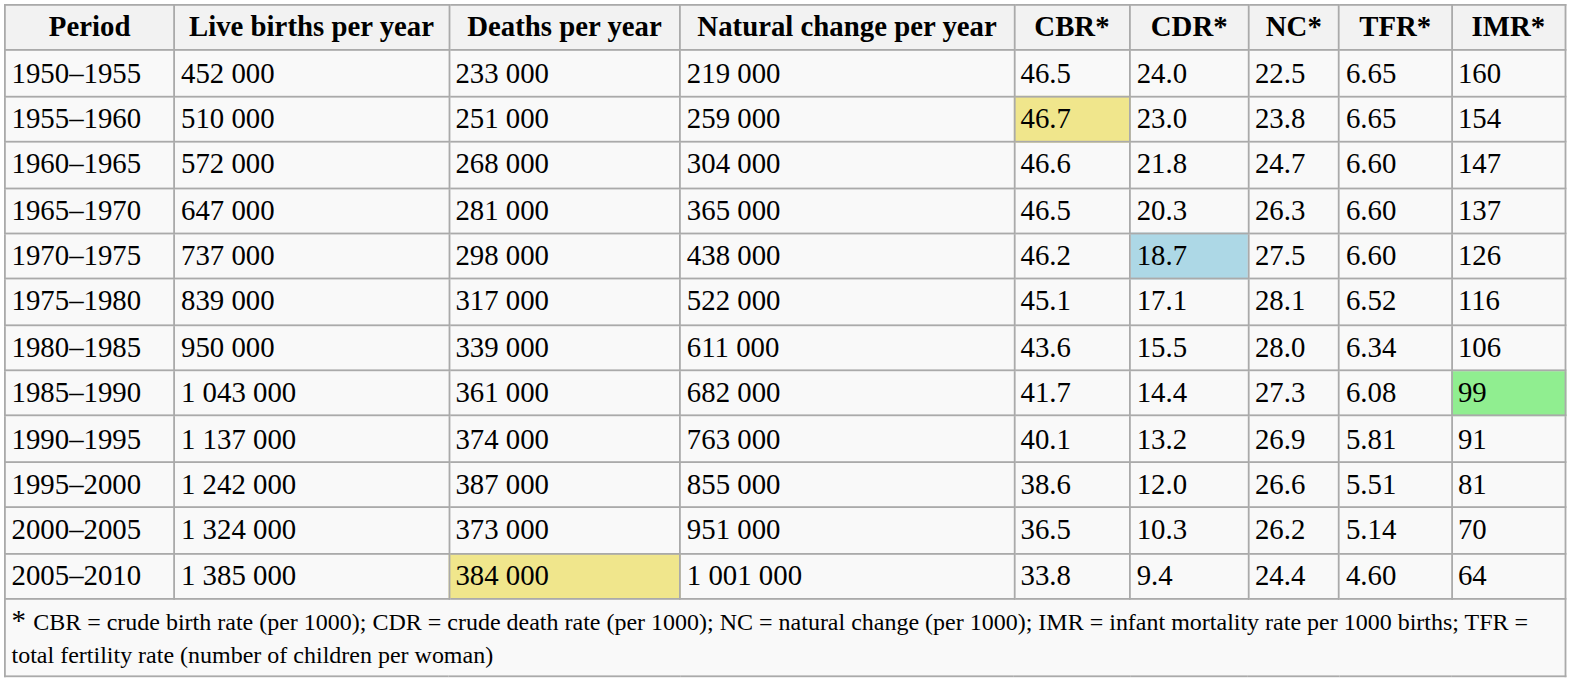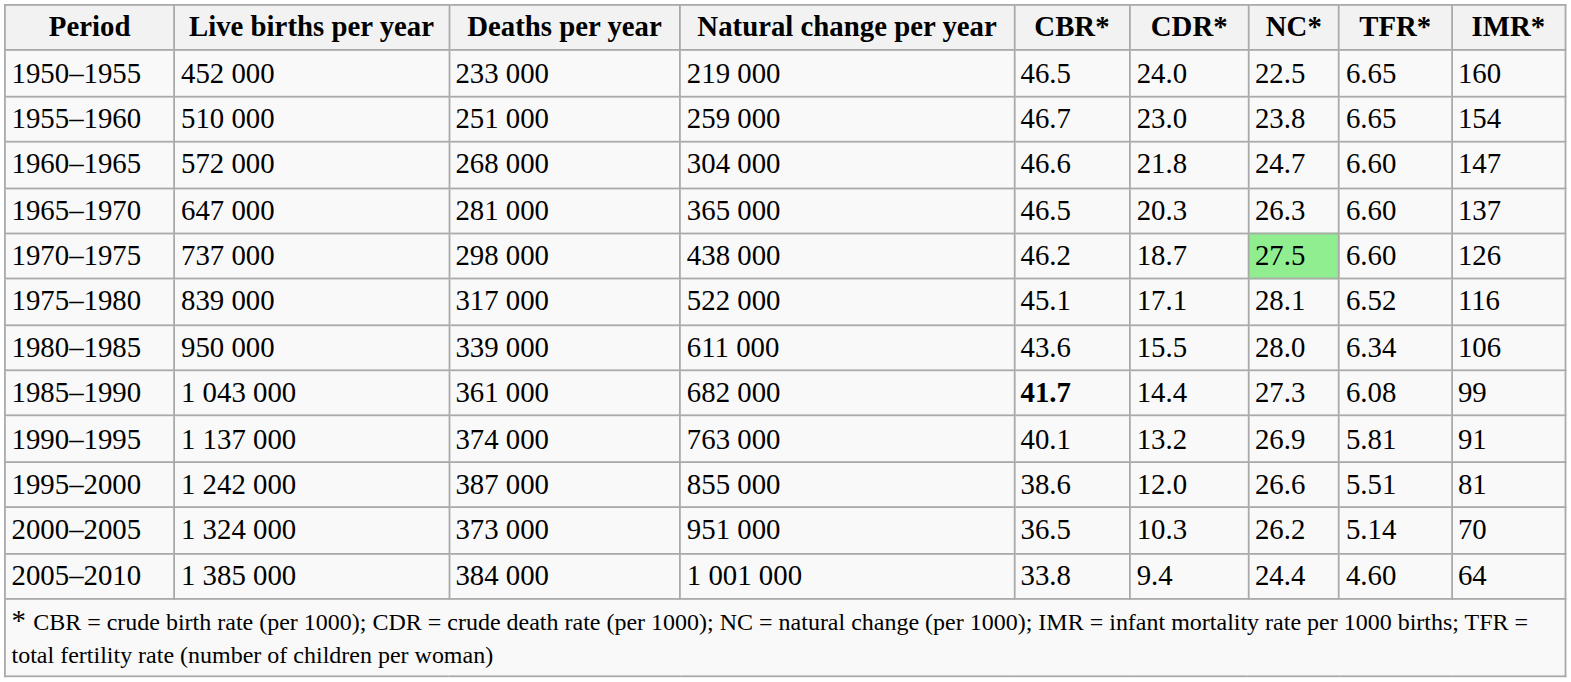 <table class="wikitable">
 <tr>
 <th>Period</th>
 <th>Live births per year</th>
 <th>Deaths per year</th>
 <th>Natural change per year</th>
 <th>CBR*</th>
 <th>CDR*</th>
 <th>NC*</th>
 <th>TFR*</th>
 <th>IMR*</th>
 </tr>
 <tr>
 <td>1950–1955</td>
 <td>452 000</td>
 <td>233 000</td>
 <td>219 000</td>
 <td>46.5</td>
 <td>24.0</td>
 <td>22.5</td>
 <td>6.65</td>
 <td>160</td>
 </tr>
 <tr>
 <td>1955–1960</td>
 <td>510 000</td>
 <td>251 000</td>
 <td>259 000</td>
-<td style="background: khaki;">46.7</td>
+<td>46.7</td>
 <td>23.0</td>
 <td>23.8</td>
 <td>6.65</td>
 <td>154</td>
 </tr>
 <tr>
 <td>1960–1965</td>
 <td>572 000</td>
 <td>268 000</td>
 <td>304 000</td>
 <td>46.6</td>
 <td>21.8</td>
 <td>24.7</td>
 <td>6.60</td>
 <td>147</td>
 </tr>
 <tr>
 <td>1965–1970</td>
 <td>647 000</td>
 <td>281 000</td>
 <td>365 000</td>
 <td>46.5</td>
 <td>20.3</td>
 <td>26.3</td>
 <td>6.60</td>
 <td>137</td>
 </tr>
 <tr>
 <td>1970–1975</td>
 <td>737 000</td>
 <td>298 000</td>
 <td>438 000</td>
 <td>46.2</td>
-<td style="background: lightblue;">18.7</td>
-<td>27.5</td>
+<td>18.7</td>
+<td style="background: lightgreen;">27.5</td>
 <td>6.60</td>
 <td>126</td>
 </tr>
 <tr>
 <td>1975–1980</td>
 <td>839 000</td>
 <td>317 000</td>
 <td>522 000</td>
 <td>45.1</td>
 <td>17.1</td>
 <td>28.1</td>
 <td>6.52</td>
 <td>116</td>
 </tr>
 <tr>
 <td>1980–1985</td>
 <td>950 000</td>
 <td>339 000</td>
 <td>611 000</td>
 <td>43.6</td>
 <td>15.5</td>
 <td>28.0</td>
 <td>6.34</td>
 <td>106</td>
 </tr>
 <tr>
 <td>1985–1990</td>
 <td>1 043 000</td>
 <td>361 000</td>
 <td>682 000</td>
-<td>41.7</td>
+<td><strong>41.7</strong></td>
 <td>14.4</td>
 <td>27.3</td>
 <td>6.08</td>
-<td style="background: lightgreen;">99</td>
+<td>99</td>
 </tr>
 <tr>
 <td>1990–1995</td>
 <td>1 137 000</td>
 <td>374 000</td>
 <td>763 000</td>
 <td>40.1</td>
 <td>13.2</td>
 <td>26.9</td>
 <td>5.81</td>
 <td>91</td>
 </tr>
 <tr>
 <td>1995–2000</td>
 <td>1 242 000</td>
 <td>387 000</td>
 <td>855 000</td>
 <td>38.6</td>
 <td>12.0</td>
 <td>26.6</td>
 <td>5.51</td>
 <td>81</td>
 </tr>
 <tr>
 <td>2000–2005</td>
 <td>1 324 000</td>
 <td>373 000</td>
 <td>951 000</td>
 <td>36.5</td>
 <td>10.3</td>
 <td>26.2</td>
 <td>5.14</td>
 <td>70</td>
 </tr>
 <tr>
 <td>2005–2010</td>
 <td>1 385 000</td>
-<td style="background: khaki;">384 000</td>
+<td>384 000</td>
 <td>1 001 000</td>
 <td>33.8</td>
 <td>9.4</td>
 <td>24.4</td>
 <td>4.60</td>
 <td>64</td>
 </tr>
 <tr>
 <td colspan="9">* <small>CBR = crude birth rate (per 1000); CDR = crude death rate (per 1000); NC = natural change (per 1000); IMR = infant mortality rate per 1000 births; TFR = total fertility rate (number of children per woman)</small></td>
 </tr>
 </table>
